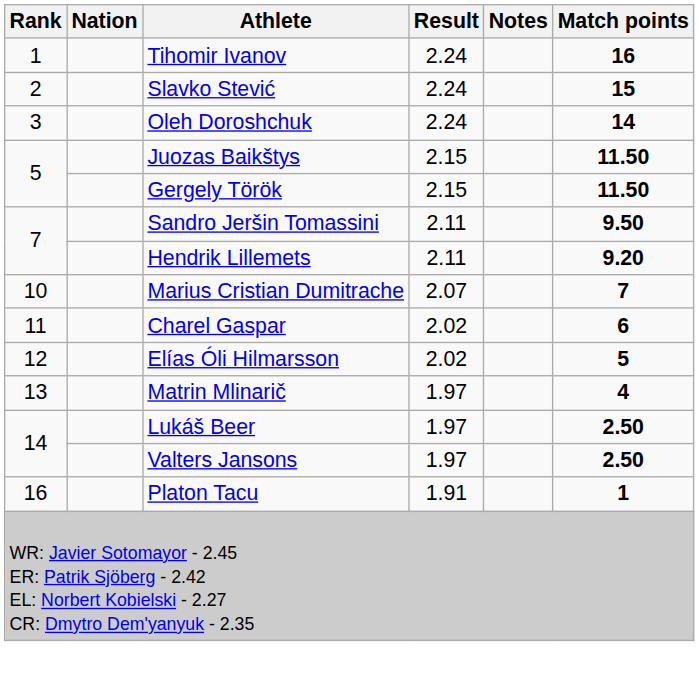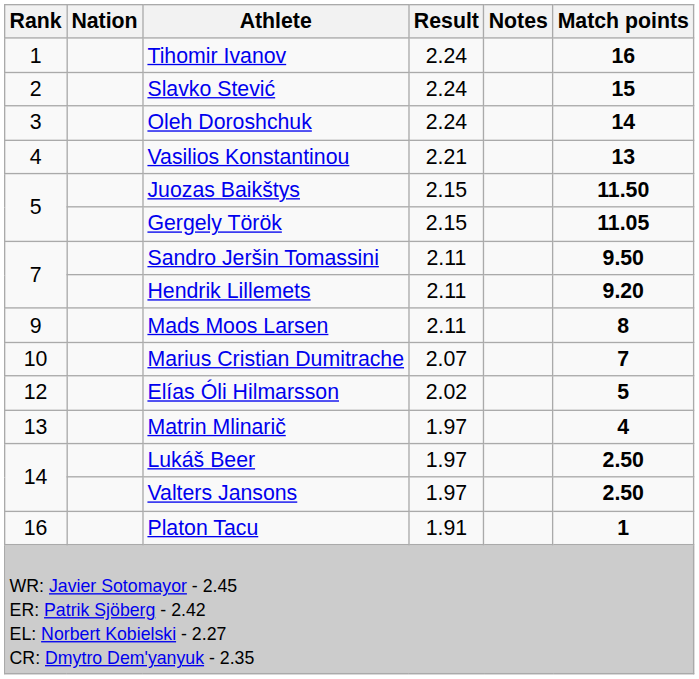 <table class="wikitable sortable" style="text-align:left;">
 <tr>
 <th>Rank</th>
 <th>Nation</th>
 <th>Athlete</th>
 <th>Result</th>
 <th>Notes</th>
 <th>Match points</th>
 </tr>
 <tr>
 <td align=center>1</td>
 <td></td>
 <td><a href='#'>Tihomir Ivanov</a></td>
 <td align=center>2.24</td>
 <td align=center></td>
 <td align=center><strong>16</strong></td>
 </tr>
 <tr>
 <td align=center>2</td>
 <td></td>
 <td><a href='#'>Slavko Stević</a></td>
 <td align=center>2.24</td>
 <td align=center></td>
 <td align=center><strong>15</strong></td>
 </tr>
 <tr>
 <td align=center>3</td>
 <td></td>
 <td><a href='#'>Oleh Doroshchuk</a></td>
 <td align=center>2.24</td>
 <td></td>
 <td align=center><strong>14</strong></td>
 </tr>
 <tr>
+<td align=center>4</td>
+<td></td>
+<td><a href='#'>Vasilios Konstantinou</a></td>
+<td align=center>2.21</td>
+<td align=center></td>
+<td align=center><strong>13</strong></td>
+</tr>
+<tr>
 <td rowspan=2 align=center>5</td>
 <td></td>
 <td><a href='#'>Juozas Baikštys</a></td>
 <td align=center>2.15</td>
 <td></td>
 <td align=center><strong>11.50</strong></td>
 </tr>
 <tr>
 <td></td>
 <td><a href='#'>Gergely Török</a></td>
 <td align=center>2.15</td>
 <td></td>
-<td align=center><strong>11.50</strong></td>
+<td align=center><strong>11.05</strong></td>
 </tr>
 <tr>
 <td rowspan=2 align=center>7</td>
 <td></td>
 <td><a href='#'>Sandro Jeršin Tomassini</a></td>
 <td align=center>2.11</td>
 <td></td>
 <td align=center><strong>9.50</strong></td>
 </tr>
 <tr>
 <td></td>
 <td><a href='#'>Hendrik Lillemets</a></td>
 <td align=center>2.11</td>
 <td align=center></td>
 <td align=center><strong>9.20</strong></td>
 </tr>
 <tr>
+<td align=center>9</td>
+<td></td>
+<td><a href='#'>Mads Moos Larsen</a></td>
+<td align=center>2.11</td>
+<td align=center></td>
+<td align=center><strong>8</strong></td>
+</tr>
+<tr>
 <td align=center>10</td>
 <td></td>
 <td><a href='#'>Marius Cristian Dumitrache</a></td>
 <td align=center>2.07</td>
 <td></td>
 <td align=center><strong>7</strong></td>
-</tr>
-<tr>
-<td align=center>11</td>
-<td></td>
-<td><a href='#'>Charel Gaspar</a></td>
-<td align=center>2.02</td>
-<td></td>
-<td align=center><strong>6</strong></td>
 </tr>
 <tr>
 <td align=center>12</td>
 <td></td>
 <td><a href='#'>Elías Óli Hilmarsson</a></td>
 <td align=center>2.02</td>
 <td></td>
 <td align=center><strong>5</strong></td>
 </tr>
 <tr>
 <td align=center>13</td>
 <td></td>
 <td><a href='#'>Matrin Mlinarič</a></td>
 <td align=center>1.97</td>
 <td></td>
 <td align=center><strong>4</strong></td>
 </tr>
 <tr>
 <td rowspan=2 align=center>14</td>
 <td></td>
 <td><a href='#'>Lukáš Beer</a></td>
 <td align=center>1.97</td>
 <td></td>
 <td align=center><strong>2.50</strong></td>
 </tr>
 <tr>
 <td></td>
 <td><a href='#'>Valters Jansons</a></td>
 <td align=center>1.97</td>
 <td></td>
 <td align=center><strong>2.50</strong></td>
 </tr>
 <tr>
 <td align=center>16</td>
 <td></td>
 <td><a href='#'>Platon Tacu</a></td>
 <td align=center>1.91</td>
 <td></td>
 <td align=center><strong>1</strong></td>
 </tr>
 <tr>
 <td colspan="6" bgcolor="#cccccc"><br> <small>WR:   <a href='#'>Javier Sotomayor</a> - 2.45<br>ER:  <a href='#'>Patrik Sjöberg</a> - 2.42<br></small> <small>EL:   <a href='#'>Norbert Kobielski</a> - 2.27<br>CR:  <a href='#'>Dmytro Dem'yanyuk</a> - 2.35</small></td>
 </tr>
 </table>
